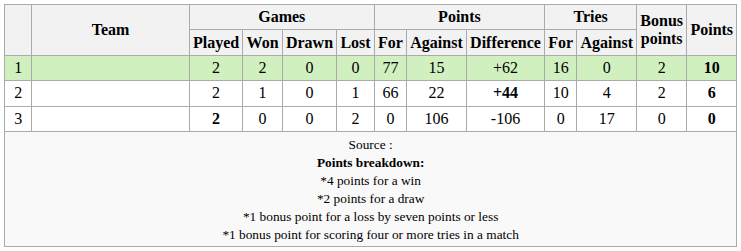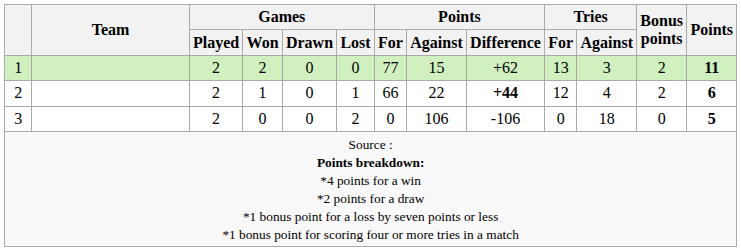 <table class="wikitable" style="text-align: center;">
 <tr>
 <th rowspan="2" bgcolor="#efefef" width="20"></th>
 <th rowspan="2" bgcolor="#efefef" width="150">Team</th>
 <th colspan="4" bgcolor="#efefef" width="100">Games</th>
 <th colspan="3" bgcolor="#efefef" width="60">Points</th>
 <th colspan="2" bgcolor="#efefef" width="40">Tries</th>
 <th rowspan="2" bgcolor="#efefef" width="40">Bonus points</th>
 <th rowspan="2" bgcolor="#efefef" width="20">Points</th>
 </tr>
 <tr>
 <th bgcolor="#efefef" width="20">Played</th>
 <th bgcolor="#efefef" width="20">Won</th>
 <th bgcolor="#efefef" width="20">Drawn</th>
 <th bgcolor="#efefef" width="20">Lost</th>
 <th bgcolor="#efefef" width="20">For</th>
 <th bgcolor="#efefef" width="20">Against</th>
 <th bgcolor="#efefef" width="20">Difference</th>
 <th bgcolor="#efefef" width="20">For</th>
 <th bgcolor="#efefef" width="20">Against<br></th>
 </tr>
 <tr style="background:#D0F0C0; text-align:center;">
 <td>1</td>
 <td align=left></td>
 <td>2</td>
 <td>2</td>
 <td>0</td>
 <td>0</td>
 <td>77</td>
 <td>15</td>
 <td>+62</td>
-<td>16</td>
-<td>0</td>
+<td>13</td>
+<td>3</td>
 <td>2</td>
-<td><strong>10</strong></td>
+<td><strong>11</strong></td>
 </tr>
 <tr style="background:#fff; text-align:center;">
 <td>2</td>
 <td align=left></td>
 <td>2</td>
 <td>1</td>
 <td>0</td>
 <td>1</td>
 <td>66</td>
 <td>22</td>
 <td><strong>+44</strong></td>
-<td>10</td>
+<td>12</td>
 <td>4</td>
 <td>2</td>
 <td><strong>6</strong></td>
 </tr>
 <tr style="background:#fff; text-align:center;">
 <td>3</td>
 <td align=left></td>
-<td><strong>2</strong></td>
+<td>2</td>
 <td>0</td>
 <td>0</td>
 <td>2</td>
 <td>0</td>
 <td>106</td>
 <td>-106</td>
 <td>0</td>
-<td>17</td>
+<td>18</td>
 <td>0</td>
-<td><strong>0</strong></td>
+<td><strong>5</strong></td>
 </tr>
 <tr |align=left|>
 <td colspan="14" style="border:0;"><small>Source : <br><strong>Points breakdown:</strong><br>*4 points for a win<br>*2 points for a draw<br>*1 bonus point for a loss by seven points or less<br>*1 bonus point for scoring four or more tries in a match</small></td>
 </tr>
 </table>
